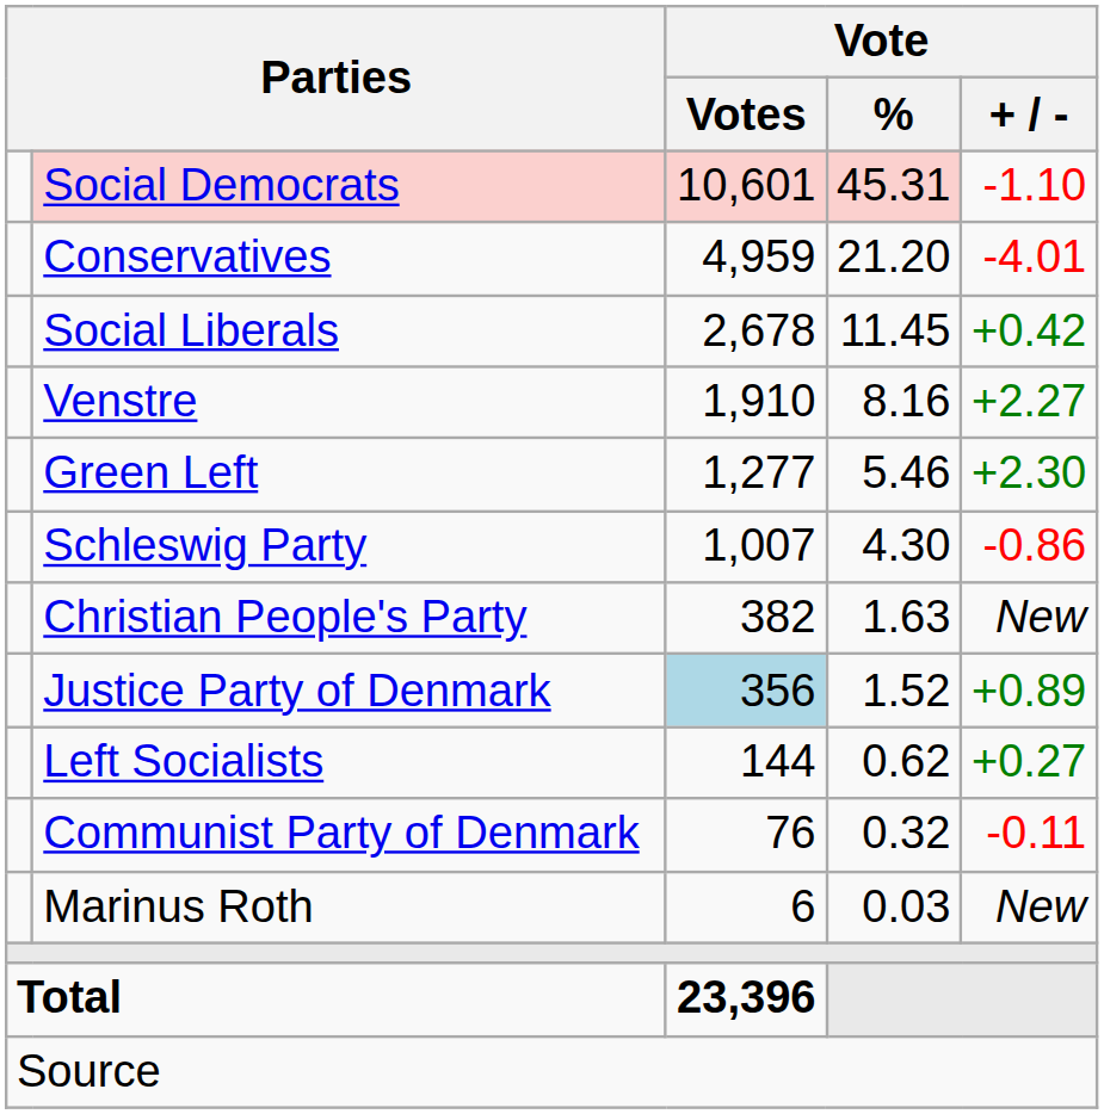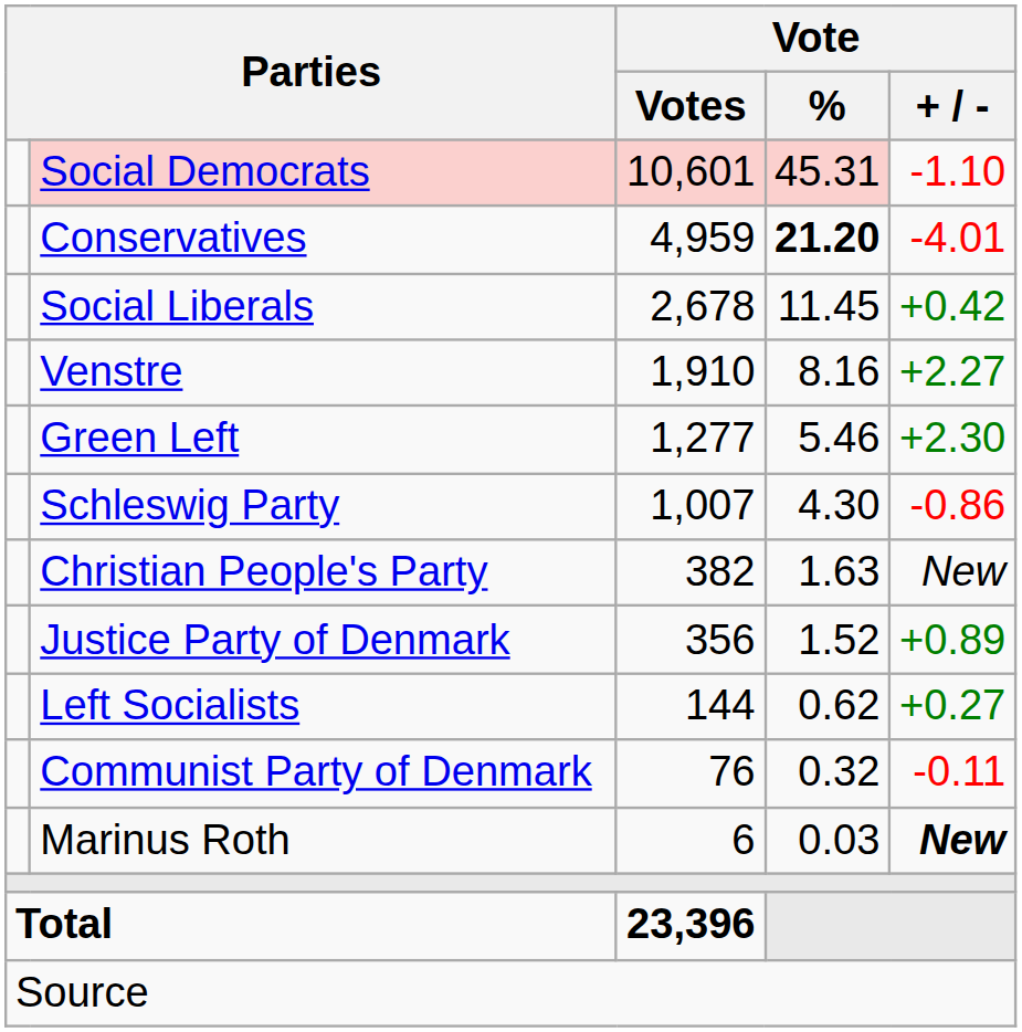 <table class="wikitable" style="text-align:right;">
 <tr>
 <th style="text-align:centre;" rowspan="2" colspan="2" width="225">Parties</th>
 <th colspan="3">Vote</th>
 </tr>
 <tr>
 <th width="15">Votes</th>
 <th width="15">%</th>
 <th width="15">+ / -</th>
 </tr>
 <tr>
 <td width="2" style="color:inherit;background:"></td>
 <td bgcolor=#fbd0ce  align="left"><a href='#'>Social Democrats</a></td>
 <td bgcolor=#fbd0ce>10,601</td>
 <td bgcolor=#fbd0ce>45.31</td>
 <td style=color:red;>-1.10</td>
 </tr>
 <tr>
 <td width="2" style="color:inherit;background:"></td>
 <td align="left"><a href='#'>Conservatives</a></td>
 <td>4,959</td>
-<td>21.20</td>
+<td><strong>21.20</strong></td>
 <td style=color:red;>-4.01</td>
 </tr>
 <tr>
 <td width="2" style="color:inherit;background:"></td>
 <td align="left"><a href='#'>Social Liberals</a></td>
 <td>2,678</td>
 <td>11.45</td>
 <td style=color:green;>+0.42</td>
 </tr>
 <tr>
 <td width="2" style="color:inherit;background:"></td>
 <td align="left"><a href='#'>Venstre</a></td>
 <td>1,910</td>
 <td>8.16</td>
 <td style=color:green;>+2.27</td>
 </tr>
 <tr>
 <td width="2" style="color:inherit;background:"></td>
 <td align="left"><a href='#'>Green Left</a></td>
 <td>1,277</td>
 <td>5.46</td>
 <td style=color:green;>+2.30</td>
 </tr>
 <tr>
 <td width="2" style="color:inherit;background:"></td>
 <td align="left"><a href='#'>Schleswig Party</a></td>
 <td>1,007</td>
 <td>4.30</td>
 <td style=color:red;>-0.86</td>
 </tr>
 <tr>
 <td width="2" style="color:inherit;background:"></td>
 <td align="left"><a href='#'>Christian People's Party</a></td>
 <td>382</td>
 <td>1.63</td>
 <td><em>New</em></td>
 </tr>
 <tr>
 <td width="2" style="color:inherit;background:"></td>
 <td align="left"><a href='#'>Justice Party of Denmark</a></td>
-<td style="background: lightblue;">356</td>
+<td>356</td>
 <td>1.52</td>
 <td style=color:green;>+0.89</td>
 </tr>
 <tr>
 <td width="2" style="color:inherit;background:"></td>
 <td align="left"><a href='#'>Left Socialists</a></td>
 <td>144</td>
 <td>0.62</td>
 <td style=color:green;>+0.27</td>
 </tr>
 <tr>
 <td width="2" style="color:inherit;background:"></td>
 <td align="left"><a href='#'>Communist Party of Denmark</a></td>
 <td>76</td>
 <td>0.32</td>
 <td style=color:red;>-0.11</td>
 </tr>
 <tr>
 <td width="2" style="color:inherit;background:"></td>
 <td align="left">Marinus Roth</td>
 <td>6</td>
 <td>0.03</td>
-<td><em>New</em></td>
+<td><strong><em>New</em></strong></td>
 </tr>
 <tr>
 <td colspan="7" bgcolor="#E9E9E9"></td>
 </tr>
 <tr>
 <td align="left" colspan="2"><strong>Total</strong></td>
 <td><strong>23,396</strong></td>
 <td bgcolor="#E9E9E9" colspan="2"></td>
 </tr>
 <tr>
 <td align="left" colspan="6">Source</td>
 </tr>
 </table>
